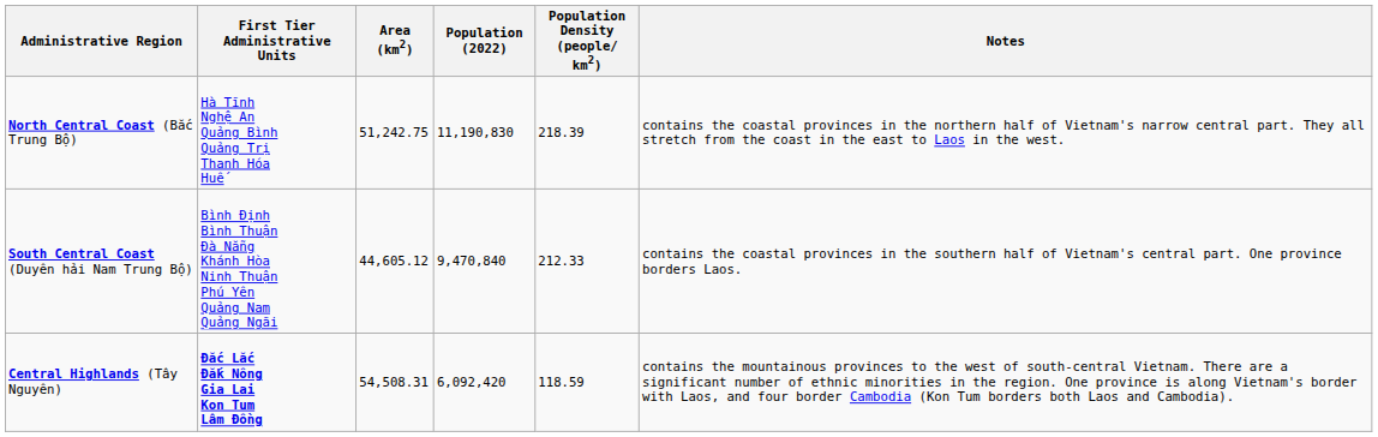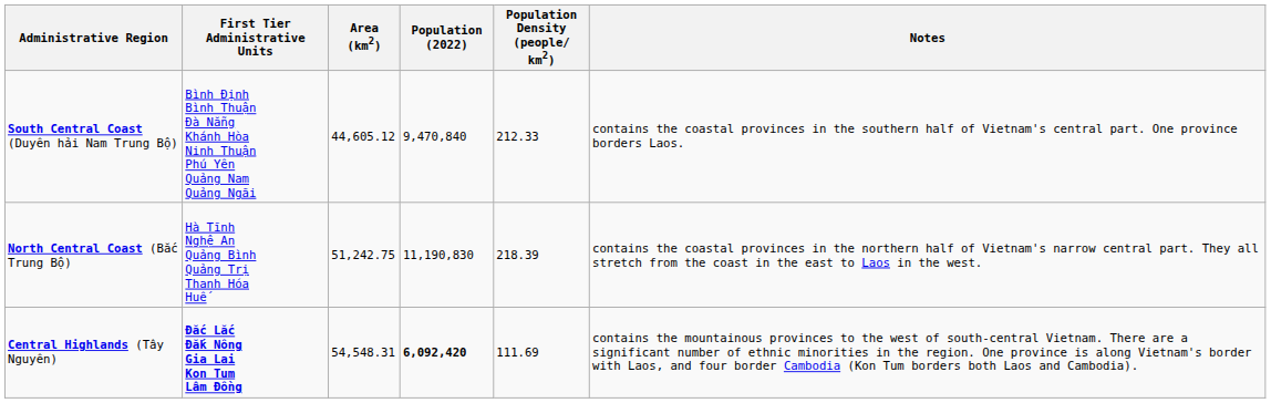 <table class="wikitable" border="1" style="font-size:90%">
 <tr>
 <th>Administrative Region</th>
 <th>First Tier Administrative Units</th>
 <th>Area (km<sup>2</sup>)</th>
 <th>Population (2022)</th>
 <th>Population Density<br>(people/ km<sup>2</sup>)</th>
 <th>Notes</th>
 </tr>
 <tr>
+<td><strong><a href='#'>South Central Coast</a></strong> (Duyên hải Nam Trung Bộ)</td>
+<td><br><a href='#'>Bình Định</a><br> <a href='#'>Bình Thuận</a><br> <a href='#'>Đà Nẵng</a> <br> <a href='#'>Khánh Hòa</a><br> <a href='#'>Ninh Thuận</a><br> <a href='#'>Phú Yên</a><br> <a href='#'>Quảng Nam</a><br> <a href='#'>Quảng Ngãi</a></td>
+<td>44,605.12</td>
+<td>9,470,840</td>
+<td>212.33</td>
+<td>contains the coastal provinces in the southern half of Vietnam's central part. One province borders Laos.</td>
+</tr>
+<tr>
 <td><strong><a href='#'>North Central Coast</a></strong> (Bắc Trung Bộ)</td>
 <td><br><a href='#'>Hà Tĩnh</a><br> <a href='#'>Nghệ An</a><br> <a href='#'>Quảng Bình</a><br> <a href='#'>Quảng Trị</a><br> <a href='#'>Thanh Hóa</a><br> <a href='#'>Huế</a></td>
 <td>51,242.75</td>
 <td>11,190,830</td>
 <td>218.39</td>
 <td>contains the coastal provinces in the northern half of Vietnam's narrow central part. They all stretch from the coast in the east to <a href='#'>Laos</a> in the west.</td>
 </tr>
 <tr>
-<td><strong><a href='#'>South Central Coast</a></strong> (Duyên hải Nam Trung Bộ)</td>
-<td><br><a href='#'>Bình Định</a><br> <a href='#'>Bình Thuận</a><br> <a href='#'>Đà Nẵng</a> <br> <a href='#'>Khánh Hòa</a><br> <a href='#'>Ninh Thuận</a><br> <a href='#'>Phú Yên</a><br> <a href='#'>Quảng Nam</a><br> <a href='#'>Quảng Ngãi</a></td>
-<td>44,605.12</td>
-<td>9,470,840</td>
-<td>212.33</td>
-<td>contains the coastal provinces in the southern half of Vietnam's central part. One province borders Laos.</td>
-</tr>
-<tr>
 <td><strong><a href='#'>Central Highlands</a></strong> (Tây Nguyên)</td>
 <td><strong><br><a href='#'>Đắc Lắc</a><br> <a href='#'>Đắk Nông</a><br> <a href='#'>Gia Lai</a><br> <a href='#'>Kon Tum</a><br> <a href='#'>Lâm Đồng</a></strong></td>
-<td>54,508.31</td>
-<td>6,092,420</td>
-<td>118.59</td>
+<td>54,548.31</td>
+<td><strong>6,092,420</strong></td>
+<td>111.69</td>
 <td>contains the mountainous provinces to the west of south-central Vietnam. There are a significant number of ethnic minorities in the region. One province is along Vietnam's border with Laos, and four border <a href='#'>Cambodia</a> (Kon Tum borders both Laos and Cambodia).</td>
 </tr>
 </table>
